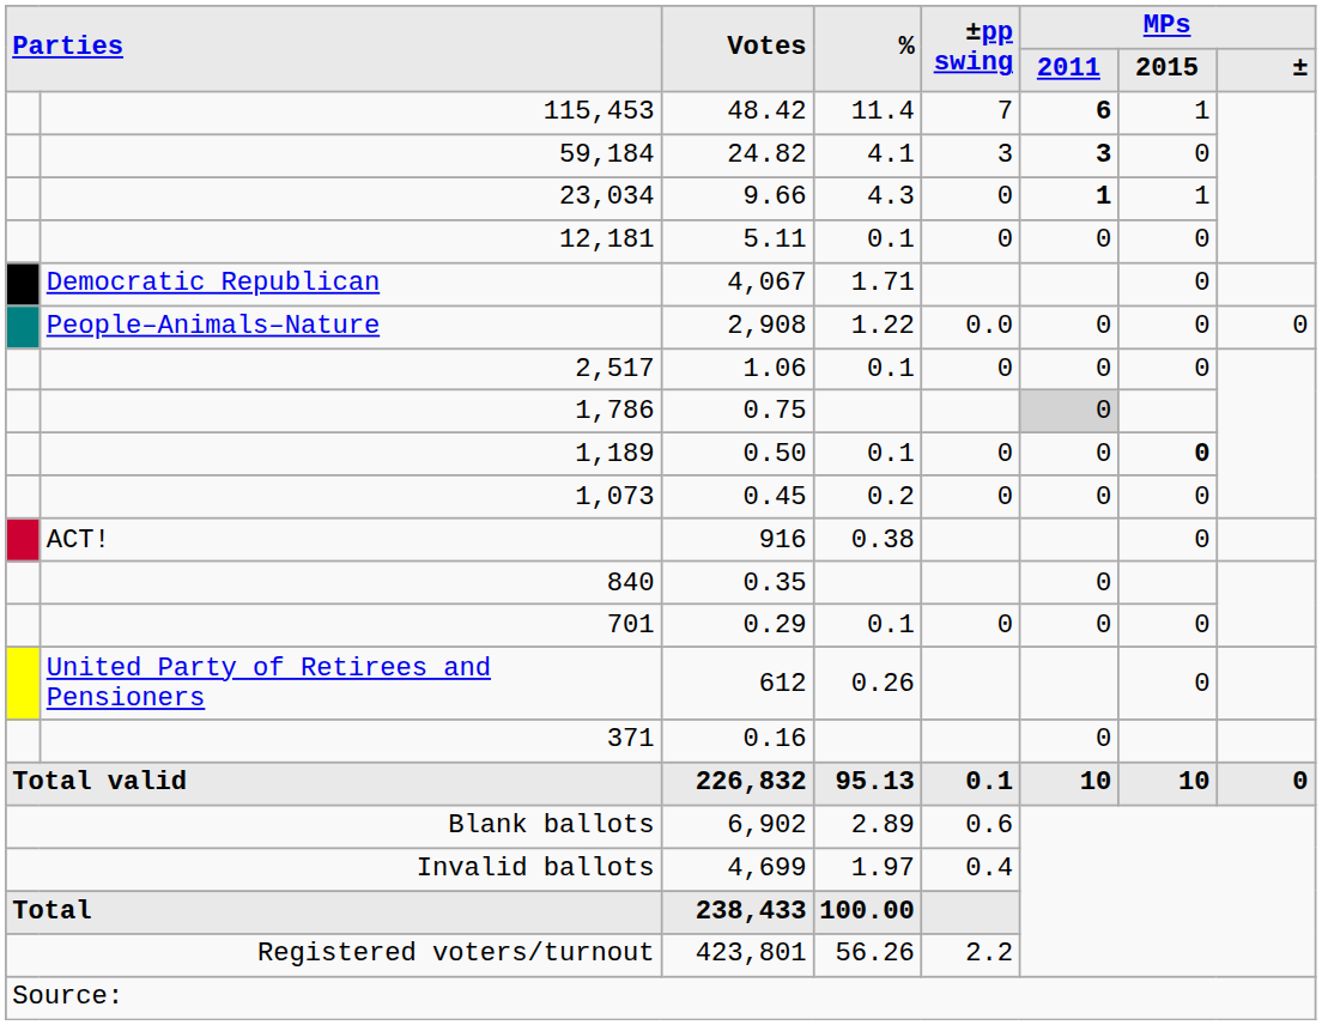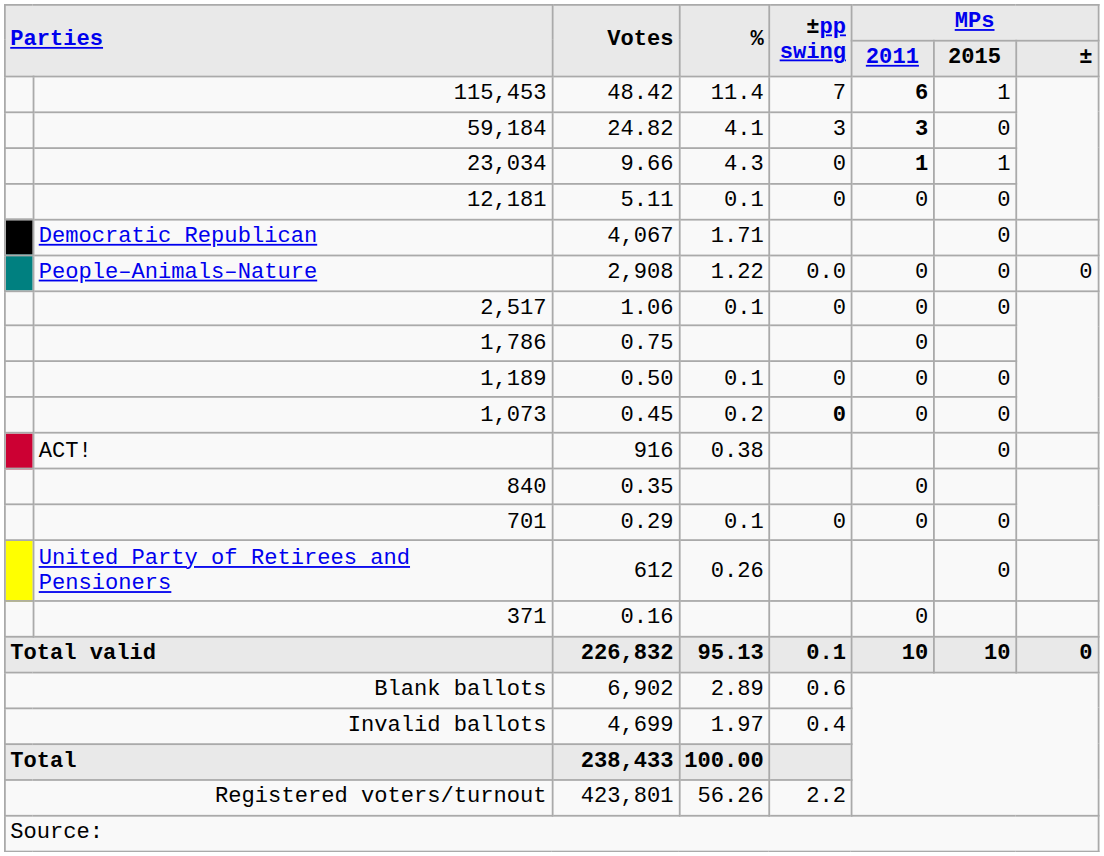 <table class="wikitable" style="text-align:right; font-size:95%;">
 <tr>
 <th rowspan="2" colspan="2" style="background:#e9e9e9; text-align:left;" alignleft><a href='#'>Parties</a></th>
 <th rowspan="2" style="background:#e9e9e9; text-align:right;">Votes</th>
 <th rowspan="2" style="background:#e9e9e9; text-align:right;">%</th>
 <th rowspan="2" style="background:#e9e9e9; text-align:right;">±<a href='#'>pp</a> <a href='#'>swing</a></th>
 <th colspan="3" style="background:#e9e9e9; text-align:center;"><a href='#'>MPs</a></th>
 </tr>
 <tr style="background-color:#E9E9E9">
 <th style="background-color:#E9E9E9;text-align:center;"><a href='#'>2011</a></th>
 <th style="background-color:#E9E9E9;text-align:center;">2015</th>
 <th style="background:#e9e9e9; text-align:right;">±</th>
 </tr>
 <tr>
 <td> </td>
 <td>115,453</td>
 <td>48.42</td>
 <td>11.4</td>
 <td>7</td>
 <td><strong>6</strong></td>
 <td>1</td>
 </tr>
 <tr>
 <td></td>
 <td>59,184</td>
 <td>24.82</td>
 <td>4.1</td>
 <td>3</td>
 <td><strong>3</strong></td>
 <td>0</td>
 </tr>
 <tr>
 <td></td>
 <td>23,034</td>
 <td>9.66</td>
 <td>4.3</td>
 <td>0</td>
 <td><strong>1</strong></td>
 <td>1</td>
 </tr>
 <tr>
 <td></td>
 <td>12,181</td>
 <td>5.11</td>
 <td>0.1</td>
 <td>0</td>
 <td>0</td>
 <td>0</td>
 </tr>
 <tr>
 <td style="width: 10px" bgcolor=black align="center"></td>
 <td align=left><a href='#'>Democratic Republican</a></td>
 <td>4,067</td>
 <td>1.71</td>
 <td></td>
 <td></td>
 <td>0</td>
 <td></td>
 </tr>
 <tr>
 <td style="width: 10px" bgcolor="teal" align="center"></td>
 <td align="left"><a href='#'>People–Animals–Nature</a></td>
 <td>2,908</td>
 <td>1.22</td>
 <td>0.0</td>
 <td>0</td>
 <td>0</td>
 <td>0</td>
 </tr>
 <tr>
 <td></td>
 <td>2,517</td>
 <td>1.06</td>
 <td>0.1</td>
 <td>0</td>
 <td>0</td>
 <td>0</td>
 </tr>
 <tr>
 <td></td>
 <td>1,786</td>
 <td>0.75</td>
 <td></td>
 <td></td>
-<td style="background: lightgrey;">0</td>
+<td>0</td>
 <td></td>
 </tr>
 <tr>
 <td></td>
 <td>1,189</td>
 <td>0.50</td>
 <td>0.1</td>
 <td>0</td>
 <td>0</td>
-<td><strong>0</strong></td>
+<td>0</td>
 </tr>
 <tr>
 <td></td>
 <td>1,073</td>
 <td>0.45</td>
 <td>0.2</td>
-<td>0</td>
+<td><strong>0</strong></td>
 <td>0</td>
 <td>0</td>
 </tr>
 <tr>
 <td style="width:10px; background:#CC0033; text-align:center;"></td>
 <td style="text-align:left;">ACT! </td>
 <td>916</td>
 <td>0.38</td>
 <td></td>
 <td></td>
 <td>0</td>
 <td></td>
 </tr>
 <tr>
 <td></td>
 <td>840</td>
 <td>0.35</td>
 <td></td>
 <td></td>
 <td>0</td>
 <td></td>
 </tr>
 <tr>
 <td></td>
 <td>701</td>
 <td>0.29</td>
 <td>0.1</td>
 <td>0</td>
 <td>0</td>
 <td>0</td>
 </tr>
 <tr>
 <td style="width: 10px" bgcolor=yellow align="center"></td>
 <td align=left><a href='#'>United Party of Retirees and Pensioners</a></td>
 <td>612</td>
 <td>0.26</td>
 <td></td>
 <td></td>
 <td>0</td>
 <td></td>
 </tr>
 <tr>
 <td></td>
 <td>371</td>
 <td>0.16</td>
 <td></td>
 <td></td>
 <td>0</td>
 <td></td>
 </tr>
 <tr>
 <td colspan=2 align=left style="background-color:#E9E9E9"><strong>Total valid</strong></td>
 <td width="65" align="right" style="background-color:#E9E9E9"><strong>226,832</strong></td>
 <td width="40" align="right" style="background-color:#E9E9E9"><strong>95.13</strong></td>
 <td width="40" align="right" style="background-color:#E9E9E9"><strong>0.1</strong></td>
 <td width="40" align="right" style="background-color:#E9E9E9"><strong>10</strong></td>
 <td width="40" align="right" style="background-color:#E9E9E9"><strong>10</strong></td>
 <td width="40" align="right" style="background-color:#E9E9E9"><strong>0</strong></td>
 </tr>
 <tr>
 <td colspan=2>Blank ballots</td>
 <td>6,902</td>
 <td>2.89</td>
 <td>0.6</td>
 <td colspan=4 rowspan=4></td>
 </tr>
 <tr>
 <td colspan=2>Invalid ballots</td>
 <td>4,699</td>
 <td>1.97</td>
 <td>0.4</td>
 </tr>
 <tr>
 <td colspan=2 width="259" align=left style="background-color:#E9E9E9"><strong>Total</strong></td>
 <td width="50" align="right" style="background-color:#E9E9E9"><strong>238,433</strong></td>
 <td width="40" align="right" style="background-color:#E9E9E9"><strong>100.00</strong></td>
 <td width="40" align="right" style="background-color:#E9E9E9"></td>
 </tr>
 <tr>
 <td colspan=2>Registered voters/turnout</td>
 <td>423,801</td>
 <td>56.26</td>
 <td>2.2</td>
 </tr>
 <tr>
 <td colspan=11 align=left>Source: </td>
 </tr>
 </table>
